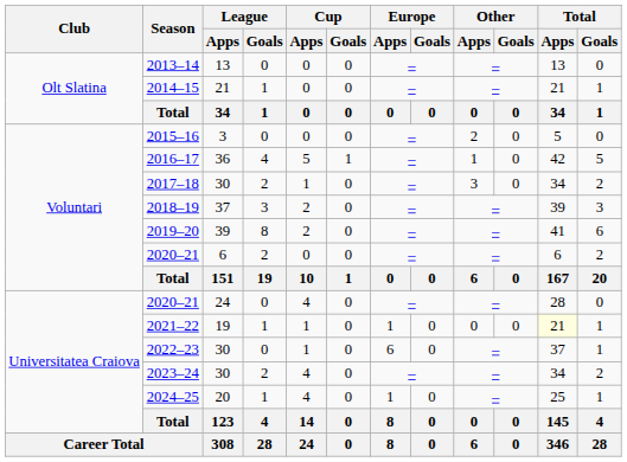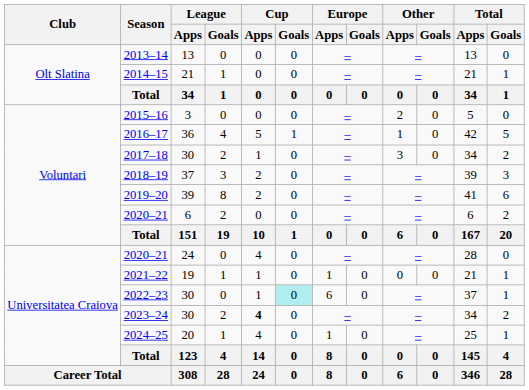 <table class="wikitable" style="text-align: center;">
 <tr>
 <th rowspan="2">Club</th>
 <th rowspan="2">Season</th>
 <th colspan="2">League</th>
 <th colspan="2">Cup</th>
 <th colspan="2">Europe</th>
 <th colspan="2">Other</th>
 <th colspan="2">Total</th>
 </tr>
 <tr>
 <th>Apps</th>
 <th>Goals</th>
 <th>Apps</th>
 <th>Goals</th>
 <th>Apps</th>
 <th>Goals</th>
 <th>Apps</th>
 <th>Goals</th>
 <th>Apps</th>
 <th>Goals</th>
 </tr>
 <tr>
 <td rowspan="3"><a href='#'>Olt Slatina</a></td>
 <td><a href='#'>2013–14</a></td>
 <td>13</td>
 <td>0</td>
 <td>0</td>
 <td>0</td>
 <td colspan="2"><a href='#'>–</a></td>
 <td colspan="2"><a href='#'>–</a></td>
 <td>13</td>
 <td>0</td>
 </tr>
 <tr>
 <td><a href='#'>2014–15</a></td>
 <td>21</td>
 <td>1</td>
 <td>0</td>
 <td>0</td>
 <td colspan="2"><a href='#'>–</a></td>
 <td colspan="2"><a href='#'>–</a></td>
 <td>21</td>
 <td>1</td>
 </tr>
 <tr>
 <th>Total</th>
 <th>34</th>
 <th>1</th>
 <th>0</th>
 <th>0</th>
 <th>0</th>
 <th>0</th>
 <th>0</th>
 <th>0</th>
 <th>34</th>
 <th>1</th>
 </tr>
 <tr>
 <td rowspan="7"><a href='#'>Voluntari</a></td>
 <td><a href='#'>2015–16</a></td>
 <td>3</td>
 <td>0</td>
 <td>0</td>
 <td>0</td>
 <td colspan="2"><a href='#'>–</a></td>
 <td>2</td>
 <td>0</td>
 <td>5</td>
 <td>0</td>
 </tr>
 <tr>
 <td><a href='#'>2016–17</a></td>
 <td>36</td>
 <td>4</td>
 <td>5</td>
 <td>1</td>
 <td colspan="2"><a href='#'>–</a></td>
 <td>1</td>
 <td>0</td>
 <td>42</td>
 <td>5</td>
 </tr>
 <tr>
 <td><a href='#'>2017–18</a></td>
 <td>30</td>
 <td>2</td>
 <td>1</td>
 <td>0</td>
 <td colspan="2"><a href='#'>–</a></td>
 <td>3</td>
 <td>0</td>
 <td>34</td>
 <td>2</td>
 </tr>
 <tr>
 <td><a href='#'>2018–19</a></td>
 <td>37</td>
 <td>3</td>
 <td>2</td>
 <td>0</td>
 <td colspan="2"><a href='#'>–</a></td>
 <td colspan="2"><a href='#'>–</a></td>
 <td>39</td>
 <td>3</td>
 </tr>
 <tr>
 <td><a href='#'>2019–20</a></td>
 <td>39</td>
 <td>8</td>
 <td>2</td>
 <td>0</td>
 <td colspan="2"><a href='#'>–</a></td>
 <td colspan="2"><a href='#'>–</a></td>
 <td>41</td>
 <td>6</td>
 </tr>
 <tr>
 <td><a href='#'>2020–21</a></td>
 <td>6</td>
 <td>2</td>
 <td>0</td>
 <td>0</td>
 <td colspan="2"><a href='#'>–</a></td>
 <td colspan="2"><a href='#'>–</a></td>
 <td>6</td>
 <td>2</td>
 </tr>
 <tr>
 <th>Total</th>
 <th>151</th>
 <th>19</th>
 <th>10</th>
 <th>1</th>
 <th>0</th>
 <th>0</th>
 <th>6</th>
 <th>0</th>
 <th>167</th>
 <th>20</th>
 </tr>
 <tr>
 <td rowspan="6"><a href='#'>Universitatea Craiova</a></td>
 <td><a href='#'>2020–21</a></td>
 <td>24</td>
 <td>0</td>
 <td>4</td>
 <td>0</td>
 <td colspan="2"><a href='#'>–</a></td>
 <td colspan="2"><a href='#'>–</a></td>
 <td>28</td>
 <td>0</td>
 </tr>
 <tr>
 <td><a href='#'>2021–22</a></td>
 <td>19</td>
 <td>1</td>
 <td>1</td>
 <td>0</td>
 <td>1</td>
 <td>0</td>
 <td>0</td>
 <td>0</td>
-<td style="background: lightyellow;">21</td>
+<td>21</td>
 <td>1</td>
 </tr>
 <tr>
 <td><a href='#'>2022–23</a></td>
 <td>30</td>
 <td>0</td>
 <td>1</td>
-<td>0</td>
+<td style="background: paleturquoise;">0</td>
 <td>6</td>
 <td>0</td>
 <td colspan="2"><a href='#'>–</a></td>
 <td>37</td>
 <td>1</td>
 </tr>
 <tr>
 <td><a href='#'>2023–24</a></td>
 <td>30</td>
 <td>2</td>
-<td>4</td>
+<td><strong>4</strong></td>
 <td>0</td>
 <td colspan="2"><a href='#'>–</a></td>
 <td colspan="2"><a href='#'>–</a></td>
 <td>34</td>
 <td>2</td>
 </tr>
 <tr>
 <td><a href='#'>2024–25</a></td>
 <td>20</td>
 <td>1</td>
 <td>4</td>
 <td>0</td>
 <td>1</td>
 <td>0</td>
 <td colspan="2"><a href='#'>–</a></td>
 <td>25</td>
 <td>1</td>
 </tr>
 <tr>
 <th>Total</th>
 <th>123</th>
 <th>4</th>
 <th>14</th>
 <th>0</th>
 <th>8</th>
 <th>0</th>
 <th>0</th>
 <th>0</th>
 <th>145</th>
 <th>4</th>
 </tr>
 <tr>
 <th colspan="2">Career Total</th>
 <th>308</th>
 <th>28</th>
 <th>24</th>
 <th>0</th>
 <th>8</th>
 <th>0</th>
 <th>6</th>
 <th>0</th>
 <th>346</th>
 <th>28</th>
 </tr>
 </table>
